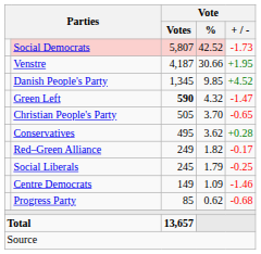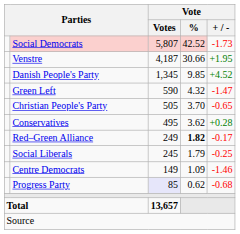 <table class="wikitable" style="text-align:right;">
 <tr>
 <th style="text-align:centre;" rowspan="2" colspan="2" width="225">Parties</th>
 <th colspan="3">Vote</th>
 </tr>
 <tr>
 <th width="15">Votes</th>
 <th width="15">%</th>
 <th width="15">+ / -</th>
 </tr>
 <tr>
 <td width="2" style="color:inherit;background:"></td>
 <td bgcolor=#fbd0ce  align="left"><a href='#'>Social Democrats</a></td>
 <td bgcolor=#fbd0ce>5,807</td>
 <td bgcolor=#fbd0ce>42.52</td>
 <td style=color:red;>-1.73</td>
 </tr>
 <tr>
 <td width="2" style="color:inherit;background:"></td>
 <td align="left"><a href='#'>Venstre</a></td>
 <td>4,187</td>
 <td>30.66</td>
 <td style=color:green;>+1.95</td>
 </tr>
 <tr>
 <td width="2" style="color:inherit;background:"></td>
 <td align="left"><a href='#'>Danish People's Party</a></td>
 <td>1,345</td>
 <td>9.85</td>
 <td style=color:green;>+4.52</td>
 </tr>
 <tr>
 <td width="2" style="color:inherit;background:"></td>
 <td align="left"><a href='#'>Green Left</a></td>
-<td><strong>590</strong></td>
+<td>590</td>
 <td>4.32</td>
 <td style=color:red;>-1.47</td>
 </tr>
 <tr>
 <td width="2" style="color:inherit;background:"></td>
 <td align="left"><a href='#'>Christian People's Party</a></td>
 <td>505</td>
 <td>3.70</td>
 <td style=color:red;>-0.65</td>
 </tr>
 <tr>
 <td width="2" style="color:inherit;background:"></td>
 <td align="left"><a href='#'>Conservatives</a></td>
 <td>495</td>
 <td>3.62</td>
 <td style=color:green;>+0.28</td>
 </tr>
 <tr>
 <td width="2" style="color:inherit;background:"></td>
 <td align="left"><a href='#'>Red–Green Alliance</a></td>
 <td>249</td>
-<td>1.82</td>
+<td><strong>1.82</strong></td>
 <td style=color:red;>-0.17</td>
 </tr>
 <tr>
 <td width="2" style="color:inherit;background:"></td>
 <td align="left"><a href='#'>Social Liberals</a></td>
 <td>245</td>
 <td>1.79</td>
 <td style=color:red;>-0.25</td>
 </tr>
 <tr>
 <td width="2" style="color:inherit;background:"></td>
 <td align="left"><a href='#'>Centre Democrats</a></td>
 <td>149</td>
 <td>1.09</td>
 <td style=color:red;>-1.46</td>
 </tr>
 <tr>
 <td width="2" style="color:inherit;background:"></td>
 <td align="left"><a href='#'>Progress Party</a></td>
-<td>85</td>
+<td style="background: lavender;">85</td>
 <td>0.62</td>
 <td style=color:red;>-0.68</td>
 </tr>
 <tr>
 <td colspan="7" bgcolor="#E9E9E9"></td>
 </tr>
 <tr>
 <td align="left" colspan="2"><strong>Total</strong></td>
 <td><strong>13,657</strong></td>
 <td bgcolor="#E9E9E9" colspan="2"></td>
 </tr>
 <tr>
 <td align="left" colspan="6">Source</td>
 </tr>
 </table>
